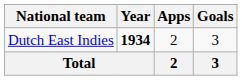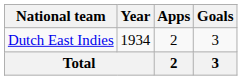 <table class=wikitable style=text-align:center>
 <tr>
 <th>National team</th>
 <th>Year</th>
 <th>Apps</th>
 <th>Goals</th>
 </tr>
 <tr>
 <td rowspan="1"><a href='#'>Dutch East Indies</a></td>
-<td><strong>1934</strong></td>
+<td>1934</td>
 <td>2</td>
 <td>3</td>
 </tr>
 <tr>
 <th colspan="2">Total</th>
 <th>2</th>
 <th>3</th>
 </tr>
 </table>
